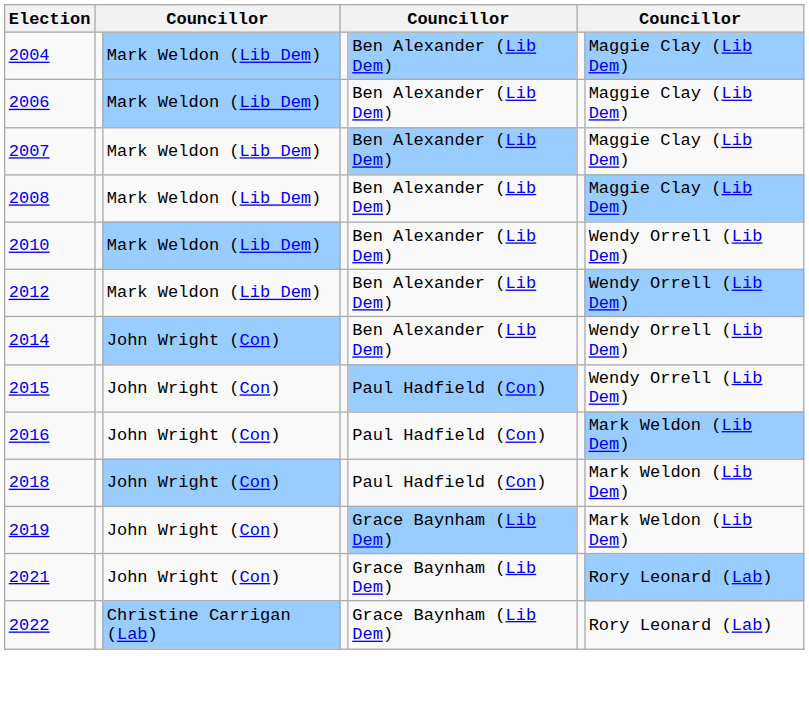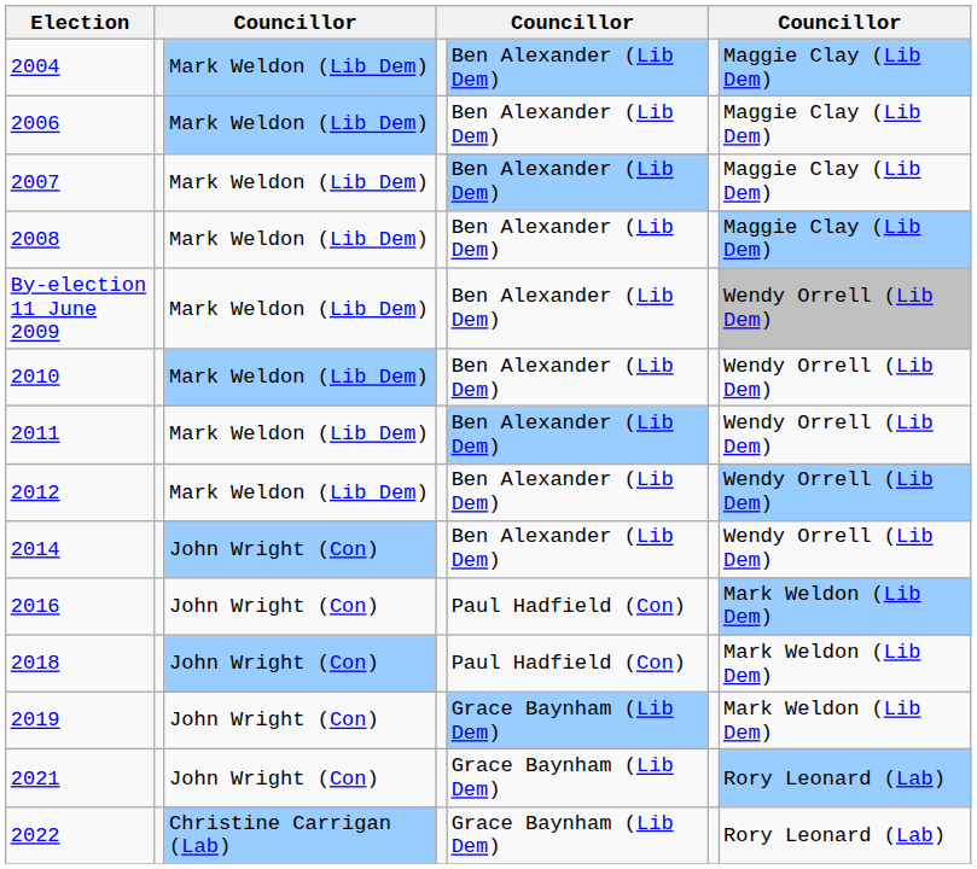 <table class="wikitable">
 <tr>
 <th>Election</th>
 <th colspan="2">Councillor</th>
 <th colspan="2">Councillor</th>
 <th colspan="2">Councillor</th>
 </tr>
 <tr>
 <td><a href='#'>2004</a></td>
 <td style="background-color: "></td>
 <td bgcolor="#99CCFF">Mark Weldon (<a href='#'>Lib Dem</a>)</td>
 <td style="background-color: "></td>
 <td bgcolor="#99CCFF">Ben Alexander (<a href='#'>Lib Dem</a>)</td>
 <td style="background-color: "></td>
 <td bgcolor="#99CCFF">Maggie Clay (<a href='#'>Lib Dem</a>)</td>
 </tr>
 <tr>
 <td><a href='#'>2006</a></td>
 <td style="background-color: "></td>
 <td bgcolor="#99CCFF">Mark Weldon (<a href='#'>Lib Dem</a>)</td>
 <td style="background-color: "></td>
 <td>Ben Alexander (<a href='#'>Lib Dem</a>)</td>
 <td style="background-color: "></td>
 <td>Maggie Clay (<a href='#'>Lib Dem</a>)</td>
 </tr>
 <tr>
 <td><a href='#'>2007</a></td>
 <td style="background-color: "></td>
 <td>Mark Weldon (<a href='#'>Lib Dem</a>)</td>
 <td style="background-color: "></td>
 <td bgcolor="#99CCFF">Ben Alexander (<a href='#'>Lib Dem</a>)</td>
 <td style="background-color: "></td>
 <td>Maggie Clay (<a href='#'>Lib Dem</a>)</td>
 </tr>
 <tr>
 <td><a href='#'>2008</a></td>
 <td style="background-color: "></td>
 <td>Mark Weldon (<a href='#'>Lib Dem</a>)</td>
 <td style="background-color: "></td>
 <td>Ben Alexander (<a href='#'>Lib Dem</a>)</td>
 <td style="background-color: "></td>
 <td bgcolor="#99CCFF">Maggie Clay (<a href='#'>Lib Dem</a>)</td>
 </tr>
 <tr>
+<td><a href='#'>By-election<br>11 June 2009</a></td>
+<td style="background-color: "></td>
+<td>Mark Weldon (<a href='#'>Lib Dem</a>)</td>
+<td style="background-color: "></td>
+<td>Ben Alexander (<a href='#'>Lib Dem</a>)</td>
+<td style="background-color: "></td>
+<td bgcolor="#C0C0C0">Wendy Orrell (<a href='#'>Lib Dem</a>)</td>
+</tr>
+<tr>
 <td><a href='#'>2010</a></td>
 <td style="background-color: "></td>
 <td bgcolor="#99CCFF">Mark Weldon (<a href='#'>Lib Dem</a>)</td>
 <td style="background-color: "></td>
 <td>Ben Alexander (<a href='#'>Lib Dem</a>)</td>
+<td style="background-color: "></td>
+<td>Wendy Orrell (<a href='#'>Lib Dem</a>)</td>
+</tr>
+<tr>
+<td><a href='#'>2011</a></td>
+<td style="background-color: "></td>
+<td>Mark Weldon (<a href='#'>Lib Dem</a>)</td>
+<td style="background-color: "></td>
+<td bgcolor="#99CCFF">Ben Alexander (<a href='#'>Lib Dem</a>)</td>
 <td style="background-color: "></td>
 <td>Wendy Orrell (<a href='#'>Lib Dem</a>)</td>
 </tr>
 <tr>
 <td><a href='#'>2012</a></td>
 <td style="background-color: "></td>
 <td>Mark Weldon (<a href='#'>Lib Dem</a>)</td>
 <td style="background-color: "></td>
 <td>Ben Alexander (<a href='#'>Lib Dem</a>)</td>
 <td style="background-color: "></td>
 <td bgcolor="#99CCFF">Wendy Orrell (<a href='#'>Lib Dem</a>)</td>
 </tr>
 <tr>
 <td><a href='#'>2014</a></td>
 <td style="background-color: "></td>
 <td bgcolor="#99CCFF">John Wright (<a href='#'>Con</a>)</td>
 <td style="background-color: "></td>
 <td>Ben Alexander (<a href='#'>Lib Dem</a>)</td>
-<td style="background-color: "></td>
-<td>Wendy Orrell (<a href='#'>Lib Dem</a>)</td>
-</tr>
-<tr>
-<td><a href='#'>2015</a></td>
-<td style="background-color: "></td>
-<td>John Wright (<a href='#'>Con</a>)</td>
-<td style="background-color: "></td>
-<td bgcolor="#99CCFF">Paul Hadfield (<a href='#'>Con</a>)</td>
 <td style="background-color: "></td>
 <td>Wendy Orrell (<a href='#'>Lib Dem</a>)</td>
 </tr>
 <tr>
 <td><a href='#'>2016</a></td>
 <td style="background-color: "></td>
 <td>John Wright (<a href='#'>Con</a>)</td>
 <td style="background-color: "></td>
 <td>Paul Hadfield (<a href='#'>Con</a>)</td>
 <td style="background-color: "></td>
 <td bgcolor="#99CCFF">Mark Weldon (<a href='#'>Lib Dem</a>)</td>
 </tr>
 <tr>
 <td><a href='#'>2018</a></td>
 <td style="background-color: "></td>
 <td bgcolor="#99CCFF">John Wright (<a href='#'>Con</a>)</td>
 <td style="background-color: "></td>
 <td>Paul Hadfield (<a href='#'>Con</a>)</td>
 <td style="background-color: "></td>
 <td>Mark Weldon (<a href='#'>Lib Dem</a>)</td>
 </tr>
 <tr>
 <td><a href='#'>2019</a></td>
 <td style="background-color: "></td>
 <td>John Wright (<a href='#'>Con</a>)</td>
 <td style="background-color: "></td>
 <td bgcolor="#99CCFF">Grace Baynham (<a href='#'>Lib Dem</a>)</td>
 <td style="background-color: "></td>
 <td>Mark Weldon (<a href='#'>Lib Dem</a>)</td>
 </tr>
 <tr>
 <td><a href='#'>2021</a></td>
 <td style="background-color: "></td>
 <td>John Wright (<a href='#'>Con</a>)</td>
 <td style="background-color: "></td>
 <td>Grace Baynham (<a href='#'>Lib Dem</a>)</td>
 <td style="background-color: "></td>
 <td bgcolor="#99CCFF">Rory Leonard (<a href='#'>Lab</a>)</td>
 </tr>
 <tr>
 <td><a href='#'>2022</a></td>
 <td style="background-color: "></td>
 <td bgcolor="#99CCFF">Christine Carrigan (<a href='#'>Lab</a>)</td>
 <td style="background-color: "></td>
 <td>Grace Baynham (<a href='#'>Lib Dem</a>)</td>
 <td style="background-color: "></td>
 <td>Rory Leonard (<a href='#'>Lab</a>)</td>
 </tr>
 </table>
